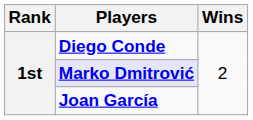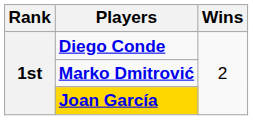 <table class="wikitable plainrowheaders" style="text-align:left;">
 <tr>
 <th scope="col">Rank</th>
 <th scope="col">Players</th>
 <th scope="col">Wins</th>
 </tr>
 <tr>
 <th scope="row" rowspan="3" style="text-align:center;">1st</th>
 <td> <strong><a href='#'>Diego Conde</a></strong></td>
 <td rowspan="3" style="text-align:center;">2</td>
 </tr>
 <tr>
-<td style="background: lavender;"> <strong><a href='#'>Marko Dmitrović</a></strong></td>
+<td> <strong><a href='#'>Marko Dmitrović</a></strong></td>
 </tr>
 <tr>
-<td> <strong><a href='#'>Joan García</a></strong></td>
+<td style="background: gold;"> <strong><a href='#'>Joan García</a></strong></td>
 </tr>
 </table>
